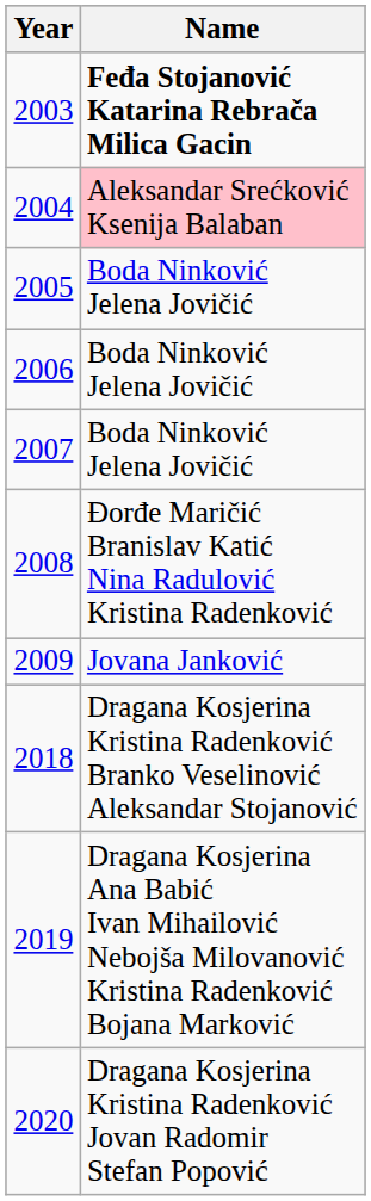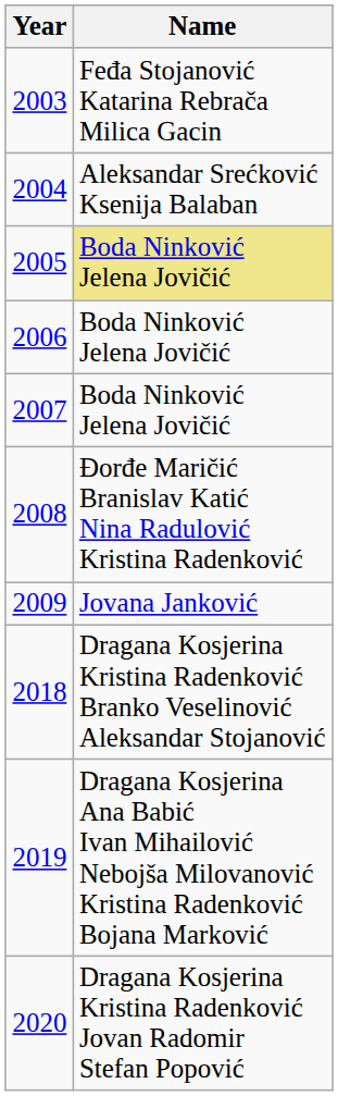 <table class="wikitable" style="margin:1em auto;">
 <tr bgcolor="#CCCCCC">
 <th>Year</th>
 <th>Name</th>
 </tr>
 <tr>
 <td><a href='#'>2003</a></td>
-<td><strong>Feđa Stojanović<br>Katarina Rebrača<br>Milica Gacin</strong></td>
+<td>Feđa Stojanović<br>Katarina Rebrača<br>Milica Gacin</td>
 </tr>
 <tr>
 <td><a href='#'>2004</a></td>
-<td style="background: pink;">Aleksandar Srećković<br>Ksenija Balaban</td>
+<td>Aleksandar Srećković<br>Ksenija Balaban</td>
 </tr>
 <tr>
 <td><a href='#'>2005</a></td>
-<td><a href='#'>Boda Ninković</a><br>Jelena Jovičić</td>
+<td style="background: khaki;"><a href='#'>Boda Ninković</a><br>Jelena Jovičić</td>
 </tr>
 <tr>
 <td><a href='#'>2006</a></td>
 <td>Boda Ninković<br>Jelena Jovičić</td>
 </tr>
 <tr>
 <td><a href='#'>2007</a></td>
 <td>Boda Ninković<br>Jelena Jovičić</td>
 </tr>
 <tr>
 <td><a href='#'>2008</a></td>
 <td>Đorđe Maričić<br>Branislav Katić<br><a href='#'>Nina Radulović</a><br>Kristina Radenković</td>
 </tr>
 <tr>
 <td><a href='#'>2009</a></td>
 <td><a href='#'>Jovana Janković</a></td>
 </tr>
 <tr>
 <td><a href='#'>2018</a></td>
 <td>Dragana Kosjerina<br>Kristina Radenković<br>Branko Veselinović<br>Aleksandar Stojanović</td>
 </tr>
 <tr>
 <td><a href='#'>2019</a></td>
 <td>Dragana Kosjerina<br>Ana Babić<br>Ivan Mihailović<br>Nebojša Milovanović<br>Kristina Radenković<br>Bojana Marković</td>
 </tr>
 <tr>
 <td><a href='#'>2020</a></td>
 <td>Dragana Kosjerina<br>Kristina Radenković<br>Jovan Radomir<br>Stefan Popović</td>
 </tr>
 </table>
